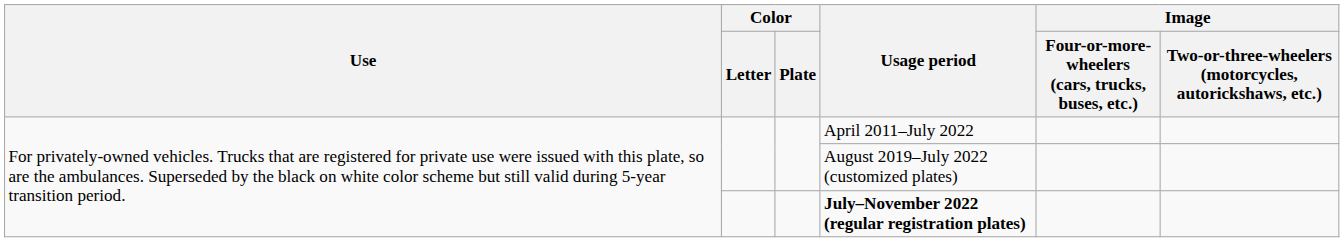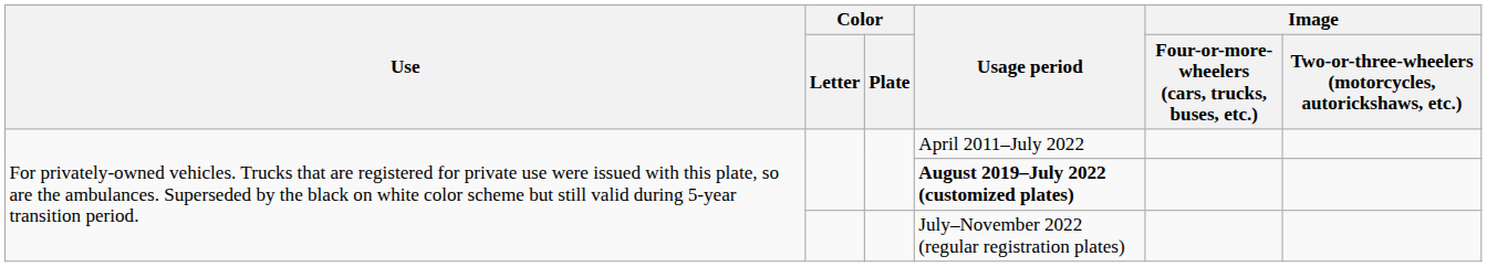 <table class="wikitable">
 <tr>
 <th rowspan="2">Use</th>
 <th colspan="2">Color</th>
 <th rowspan="2">Usage period</th>
 <th colspan="2">Image</th>
 </tr>
 <tr>
 <th>Letter</th>
 <th>Plate</th>
 <th>Four-or-more-wheelers<br>(cars, trucks, buses, etc.)</th>
 <th>Two-or-three-wheelers<br>(motorcycles, autorickshaws, etc.)</th>
 </tr>
 <tr>
 <td rowspan="3">For privately-owned vehicles. Trucks that are registered for private use were issued with this plate, so are the ambulances. Superseded by the black on white color scheme but still valid during 5-year transition period.</td>
 <td rowspan="2"></td>
 <td rowspan="2"></td>
 <td>April 2011–July 2022</td>
 <td></td>
 <td></td>
 </tr>
 <tr>
-<td>August 2019–July 2022 (customized plates)</td>
+<td><strong>August 2019–July 2022 (customized plates)</strong></td>
 <td></td>
 <td></td>
 </tr>
 <tr>
 <td></td>
 <td></td>
-<td><strong>July–November 2022 (regular registration plates)</strong></td>
+<td>July–November 2022 (regular registration plates)</td>
 <td></td>
 <td></td>
 </tr>
 </table>
